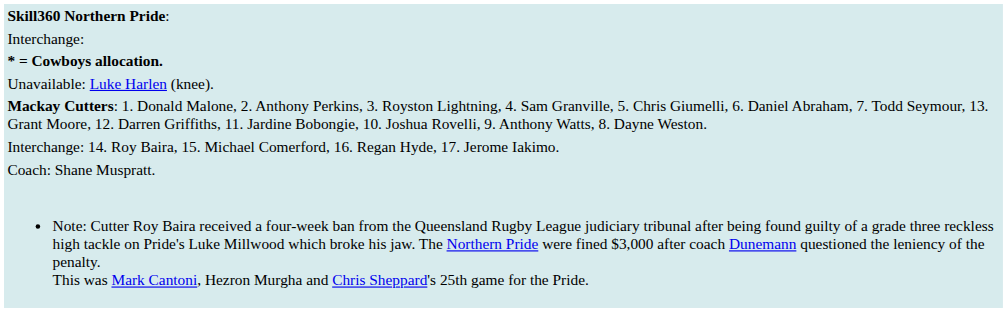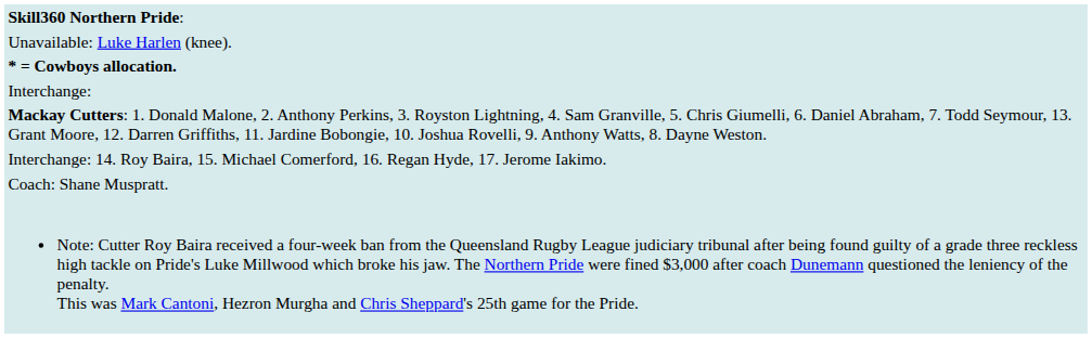 <table style="background:#d7ebed; font-size:85%; width:100%;">
 <tr>
 <td><strong>Skill360 Northern Pride</strong>:             </td>
 </tr>
 <tr>
-<td>Interchange:    </td>
+<td>Unavailable: <a href='#'>Luke Harlen</a> (knee).</td>
 </tr>
 <tr>
 <td><strong>* = Cowboys allocation.</strong></td>
 </tr>
 <tr>
-<td>Unavailable: <a href='#'>Luke Harlen</a> (knee).</td>
+<td>Interchange:    </td>
 </tr>
 <tr>
 <td><strong>Mackay Cutters</strong>: 1. Donald Malone, 2. Anthony Perkins, 3. Royston Lightning, 4. Sam Granville, 5. Chris Giumelli, 6. Daniel Abraham, 7. Todd Seymour, 13. Grant Moore, 12. Darren Griffiths, 11. Jardine Bobongie, 10. Joshua Rovelli, 9. Anthony Watts, 8. Dayne Weston.</td>
 </tr>
 <tr>
 <td>Interchange: 14. Roy Baira, 15. Michael Comerford, 16. Regan Hyde, 17. Jerome Iakimo.</td>
 </tr>
 <tr>
 <td>Coach: Shane Muspratt.</td>
 </tr>
 <tr>
 <td><br><ul><li>Note: Cutter Roy Baira received a four-week ban from the Queensland Rugby League judiciary tribunal after being found guilty of a grade three reckless high tackle on Pride's Luke Millwood which broke his jaw. The <a href='#'>Northern Pride</a> were fined $3,000 after coach <a href='#'>Dunemann</a> questioned the leniency of the penalty.<br>This was <a href='#'>Mark Cantoni</a>, Hezron Murgha and <a href='#'>Chris Sheppard</a>'s 25th game for the Pride.</li></ul></td>
 </tr>
 </table>
